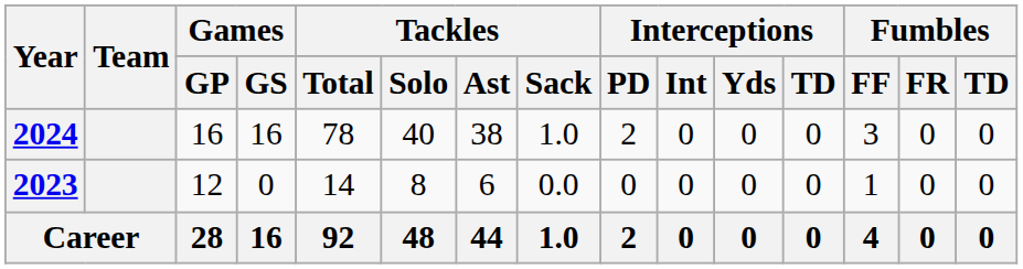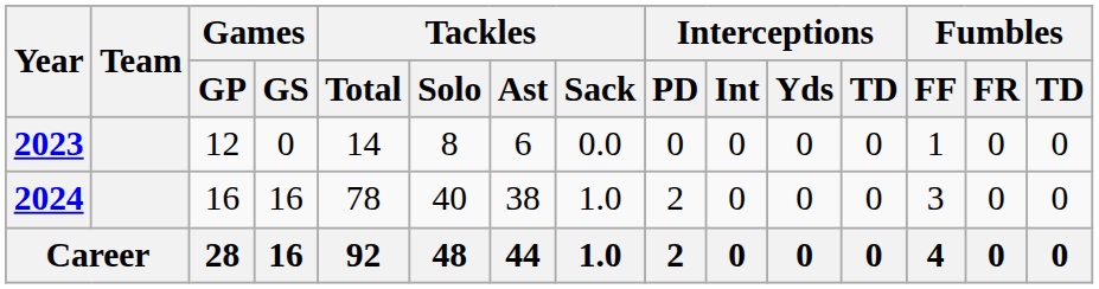 <table class="wikitable" style="text-align:center;">
 <tr>
 <th rowspan="2">Year</th>
 <th rowspan="2">Team</th>
 <th colspan="2">Games</th>
 <th colspan="4">Tackles</th>
 <th colspan="4">Interceptions</th>
 <th colspan="3">Fumbles</th>
 </tr>
 <tr>
 <th>GP</th>
 <th>GS</th>
 <th>Total</th>
 <th>Solo</th>
 <th>Ast</th>
 <th>Sack</th>
 <th>PD</th>
 <th>Int</th>
 <th>Yds</th>
 <th>TD</th>
 <th>FF</th>
 <th>FR</th>
 <th>TD</th>
 </tr>
 <tr>
+<th><a href='#'>2023</a></th>
+<th><a href='#'></a></th>
+<td>12</td>
+<td>0</td>
+<td>14</td>
+<td>8</td>
+<td>6</td>
+<td>0.0</td>
+<td>0</td>
+<td>0</td>
+<td>0</td>
+<td>0</td>
+<td>1</td>
+<td>0</td>
+<td>0</td>
+</tr>
+<tr>
 <th><a href='#'>2024</a></th>
 <th><a href='#'></a></th>
 <td>16</td>
 <td>16</td>
 <td>78</td>
 <td>40</td>
 <td>38</td>
 <td>1.0</td>
 <td>2</td>
 <td>0</td>
 <td>0</td>
 <td>0</td>
 <td>3</td>
-<td>0</td>
-<td>0</td>
-</tr>
-<tr>
-<th><a href='#'>2023</a></th>
-<th><a href='#'></a></th>
-<td>12</td>
-<td>0</td>
-<td>14</td>
-<td>8</td>
-<td>6</td>
-<td>0.0</td>
-<td>0</td>
-<td>0</td>
-<td>0</td>
-<td>0</td>
-<td>1</td>
 <td>0</td>
 <td>0</td>
 </tr>
 <tr>
 <th align=center colspan="2">Career</th>
 <th>28</th>
 <th>16</th>
 <th>92</th>
 <th>48</th>
 <th>44</th>
 <th>1.0</th>
 <th>2</th>
 <th>0</th>
 <th>0</th>
 <th>0</th>
 <th>4</th>
 <th>0</th>
 <th>0</th>
 </tr>
 </table>
